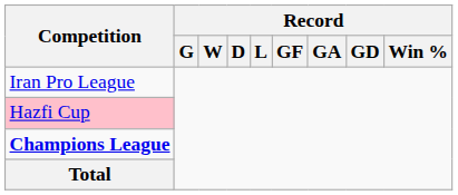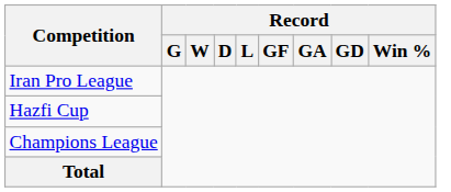 <table class="wikitable" style="text-align: center">
 <tr>
 <th rowspan=2>Competition</th>
 <th colspan=9>Record</th>
 </tr>
 <tr>
 <th>G</th>
 <th>W</th>
 <th>D</th>
 <th>L</th>
 <th>GF</th>
 <th>GA</th>
 <th>GD</th>
 <th>Win %</th>
 </tr>
 <tr>
 <td style="text-align: left"><a href='#'>Iran Pro League</a><br></td>
 </tr>
 <tr>
-<td style="background: pink; text-align: left"><a href='#'>Hazfi Cup</a><br></td>
+<td style="text-align: left"><a href='#'>Hazfi Cup</a><br></td>
 </tr>
 <tr>
-<td style="text-align: left"><strong><a href='#'>Champions League</a><br></strong></td>
+<td style="text-align: left"><a href='#'>Champions League</a><br></td>
 </tr>
 <tr>
 <th>Total<br></th>
 </tr>
 </table>
